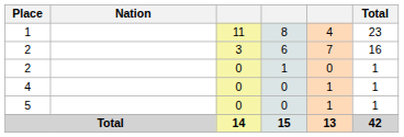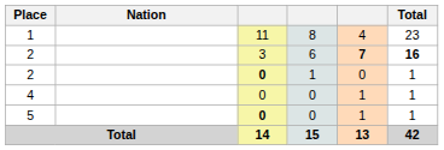 <table class=wikitable style="border:1px solid #AAAAAA;font-size:90%">
 <tr bgcolor="#EFEFEF">
 <th width=50>Place</th>
 <th width=200>Nation</th>
 <th width=50></th>
 <th width=50></th>
 <th width=50></th>
 <th width=50>Total</th>
 </tr>
 <tr align="center" valign="top" bgcolor="#FFFFFF">
 <td>1</td>
 <td align="left"></td>
 <td style="background:#F7F6A8;">11</td>
 <td style="background:#DCE5E5;">8</td>
 <td style="background:#FFDAB9;">4</td>
 <td>23</td>
 </tr>
 <tr align="center" valign="top" bgcolor="#FFFFFF">
 <td>2</td>
 <td align="left"></td>
 <td style="background:#F7F6A8;">3</td>
 <td style="background:#DCE5E5;">6</td>
-<td style="background:#FFDAB9;">7</td>
-<td>16</td>
+<td style="background:#FFDAB9;"><strong>7</strong></td>
+<td><strong>16</strong></td>
 </tr>
 <tr align="center" valign="top" bgcolor="#FFFFFF">
 <td>2</td>
 <td align="left"></td>
-<td style="background:#F7F6A8;">0</td>
+<td style="background:#F7F6A8;"><strong>0</strong></td>
 <td style="background:#DCE5E5;">1</td>
 <td style="background:#FFDAB9;">0</td>
 <td>1</td>
 </tr>
 <tr align="center" valign="top" bgcolor="#FFFFFF">
 <td>4</td>
 <td align="left"></td>
 <td style="background:#F7F6A8;">0</td>
 <td style="background:#DCE5E5;">0</td>
 <td style="background:#FFDAB9;">1</td>
 <td>1</td>
 </tr>
 <tr align="center" valign="top" bgcolor="#FFFFFF">
 <td>5</td>
 <td align="left"></td>
-<td style="background:#F7F6A8;">0</td>
+<td style="background:#F7F6A8;"><strong>0</strong></td>
 <td style="background:#DCE5E5;">0</td>
 <td style="background:#FFDAB9;">1</td>
 <td>1</td>
 </tr>
 <tr align="center">
 <td colspan="2" bgcolor=D3D3D3><strong>Total</strong></td>
 <td style="background:#F7F6A8;"><strong>14</strong></td>
 <td style="background:#DCE5E5;"><strong>15</strong></td>
 <td style="background:#FFDAB9;"><strong>13</strong></td>
 <td bgcolor=D3D3D3><strong>42</strong></td>
 </tr>
 </table>
